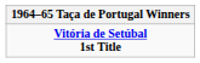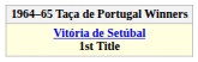 <table class="wikitable" style="text-align: center; margin: 0 auto; width: 20%">
 <tr>
 <th>1964–65 Taça de Portugal Winners</th>
 </tr>
 <tr>
-<td><strong><a href='#'>Vitória de Setúbal</a></strong><br><strong>1st Title</strong></td>
+<td style="background: lightyellow;"><strong><a href='#'>Vitória de Setúbal</a></strong><br><strong>1st Title</strong></td>
 </tr>
 </table>
